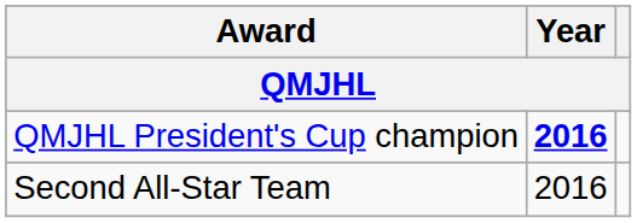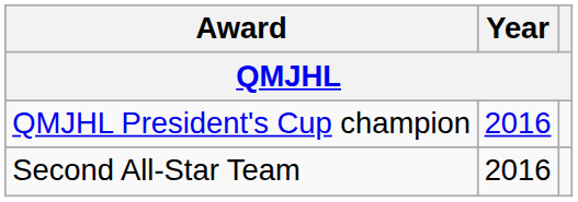 <table class="wikitable">
 <tr>
 <th>Award</th>
 <th>Year</th>
 <th></th>
 </tr>
 <tr>
 <th colspan="3"><a href='#'>QMJHL</a></th>
 </tr>
 <tr>
 <td><a href='#'>QMJHL President's Cup</a> champion</td>
-<td><strong><a href='#'>2016</a></strong></td>
+<td><a href='#'>2016</a></td>
 <td></td>
 </tr>
 <tr>
 <td>Second All-Star Team</td>
 <td>2016</td>
 <td></td>
 </tr>
 </table>
